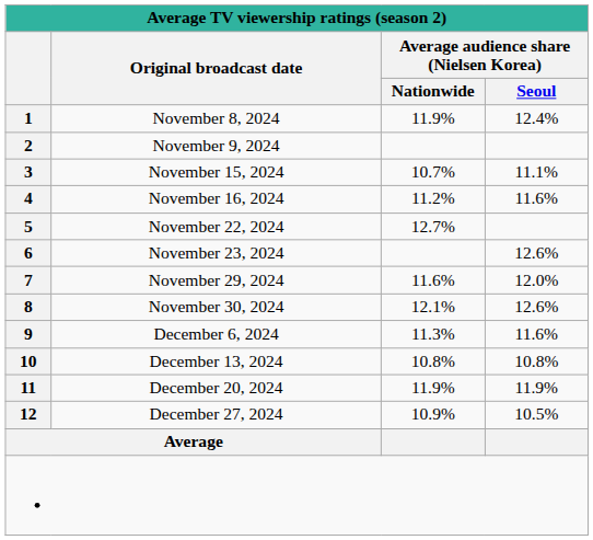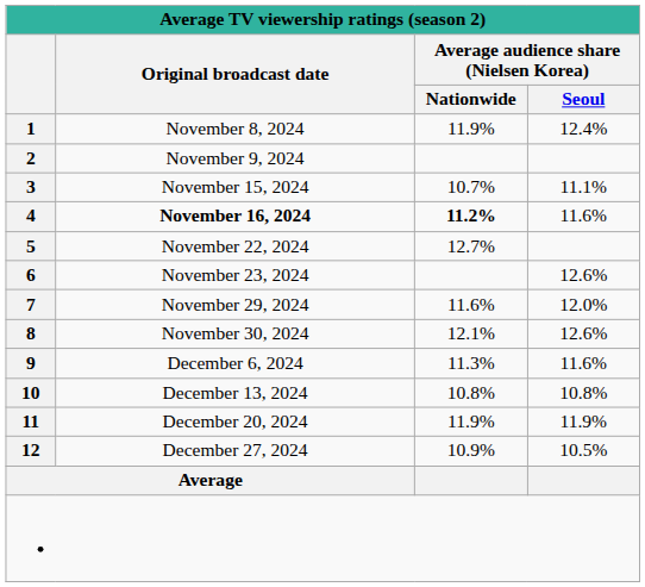 <table role="presentation" class="wikitable mw-collapsible mw-uncollapsed" style="margin-left:auto; margin-right:auto; width:550px; text-align:center">
 <tr>
 <th colspan="4" style="background:#30B39F; text-align:center">Average TV viewership ratings (season 2)</th>
 </tr>
 <tr>
 <th rowspan="2"></th>
 <th rowspan="2">Original broadcast date</th>
 <th colspan="2">Average audience share<br>(Nielsen Korea)</th>
 </tr>
 <tr>
 <th width="90">Nationwide</th>
 <th width="90"><a href='#'>Seoul</a></th>
 </tr>
 <tr>
 <th>1</th>
 <td>November 8, 2024</td>
 <td>11.9% </td>
 <td>12.4% </td>
 </tr>
 <tr>
 <th>2</th>
 <td>November 9, 2024</td>
 <td><strong></strong> </td>
 <td><strong></strong> </td>
 </tr>
 <tr>
 <th>3</th>
 <td>November 15, 2024</td>
 <td>10.7% </td>
 <td>11.1% </td>
 </tr>
 <tr>
 <th>4</th>
-<td>November 16, 2024</td>
-<td>11.2% </td>
+<td><strong>November 16, 2024</strong></td>
+<td><strong>11.2% </strong></td>
 <td>11.6% </td>
 </tr>
 <tr>
 <th>5</th>
 <td>November 22, 2024</td>
 <td>12.7% </td>
 <td><strong></strong> </td>
 </tr>
 <tr>
 <th>6</th>
 <td>November 23, 2024</td>
 <td><strong></strong> </td>
 <td>12.6% </td>
 </tr>
 <tr>
 <th>7</th>
 <td>November 29, 2024</td>
 <td>11.6% </td>
 <td>12.0% </td>
 </tr>
 <tr>
 <th>8</th>
 <td>November 30, 2024</td>
 <td>12.1% </td>
 <td>12.6% </td>
 </tr>
 <tr>
 <th>9</th>
 <td>December 6, 2024</td>
 <td>11.3% </td>
 <td>11.6% </td>
 </tr>
 <tr>
 <th>10</th>
 <td>December 13, 2024</td>
 <td>10.8% </td>
 <td>10.8% </td>
 </tr>
 <tr>
 <th>11</th>
 <td>December 20, 2024</td>
 <td>11.9% </td>
 <td>11.9% </td>
 </tr>
 <tr>
 <th>12</th>
 <td>December 27, 2024</td>
 <td>10.9% </td>
 <td>10.5% </td>
 </tr>
 <tr>
 <th colspan="2">Average</th>
 <th></th>
 <th></th>
 </tr>
 <tr>
 <td colspan="4"><br><ul><li></li></ul></td>
 </tr>
 </table>
